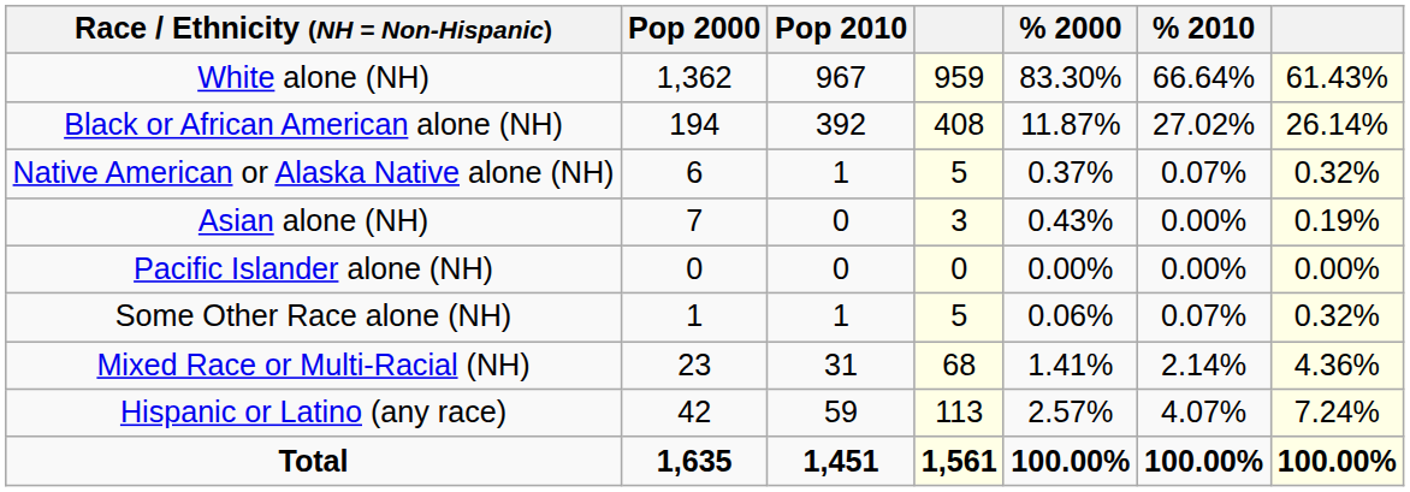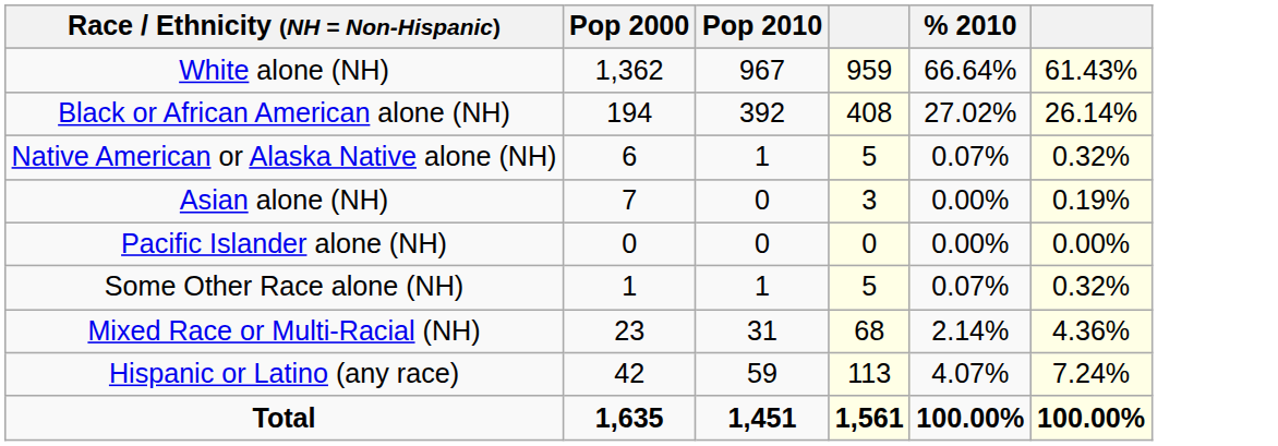 <table class="wikitable" style="text-align:center;">
 <tr>
 <th>Race / Ethnicity <small>(<em>NH = Non-Hispanic</em>)</small></th>
 <th>Pop 2000</th>
 <th>Pop 2010</th>
 <th></th>
-<th>% 2000</th>
 <th>% 2010</th>
 <th></th>
 </tr>
 <tr>
 <td><a href='#'>White</a> alone (NH)</td>
 <td>1,362</td>
 <td>967</td>
 <td style='background: #ffffe6;'>959</td>
-<td>83.30%</td>
 <td>66.64%</td>
 <td style='background: #ffffe6;'>61.43%</td>
 </tr>
 <tr>
 <td><a href='#'>Black or African American</a> alone (NH)</td>
 <td>194</td>
 <td>392</td>
 <td style='background: #ffffe6;'>408</td>
-<td>11.87%</td>
 <td>27.02%</td>
 <td style='background: #ffffe6;'>26.14%</td>
 </tr>
 <tr>
 <td><a href='#'>Native American</a> or <a href='#'>Alaska Native</a> alone (NH)</td>
 <td>6</td>
 <td>1</td>
 <td style='background: #ffffe6;'>5</td>
-<td>0.37%</td>
 <td>0.07%</td>
 <td style='background: #ffffe6;'>0.32%</td>
 </tr>
 <tr>
 <td><a href='#'>Asian</a> alone (NH)</td>
 <td>7</td>
 <td>0</td>
 <td style='background: #ffffe6;'>3</td>
-<td>0.43%</td>
 <td>0.00%</td>
 <td style='background: #ffffe6;'>0.19%</td>
 </tr>
 <tr>
 <td><a href='#'>Pacific Islander</a> alone (NH)</td>
 <td>0</td>
 <td>0</td>
 <td style='background: #ffffe6;'>0</td>
 <td>0.00%</td>
-<td>0.00%</td>
 <td style='background: #ffffe6;'>0.00%</td>
 </tr>
 <tr>
 <td>Some Other Race alone (NH)</td>
 <td>1</td>
 <td>1</td>
 <td style='background: #ffffe6;'>5</td>
-<td>0.06%</td>
 <td>0.07%</td>
 <td style='background: #ffffe6;'>0.32%</td>
 </tr>
 <tr>
 <td><a href='#'>Mixed Race or Multi-Racial</a> (NH)</td>
 <td>23</td>
 <td>31</td>
 <td style='background: #ffffe6;'>68</td>
-<td>1.41%</td>
 <td>2.14%</td>
 <td style='background: #ffffe6;'>4.36%</td>
 </tr>
 <tr>
 <td><a href='#'>Hispanic or Latino</a> (any race)</td>
 <td>42</td>
 <td>59</td>
 <td style='background: #ffffe6;'>113</td>
-<td>2.57%</td>
 <td>4.07%</td>
 <td style='background: #ffffe6;'>7.24%</td>
 </tr>
 <tr>
 <td><strong>Total</strong></td>
 <td><strong>1,635</strong></td>
 <td><strong>1,451</strong></td>
 <td style='background: #ffffe6;'><strong>1,561</strong></td>
 <td><strong>100.00%</strong></td>
-<td><strong>100.00%</strong></td>
 <td style='background: #ffffe6;'><strong>100.00%</strong></td>
 </tr>
 </table>
